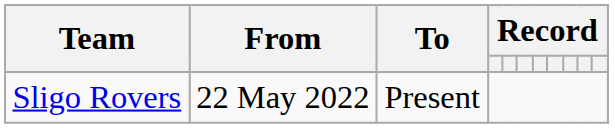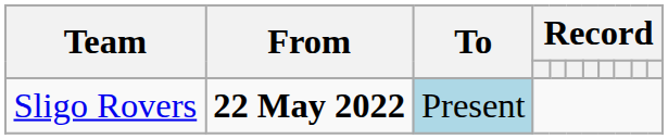 <table class="wikitable" style="text-align: center">
 <tr>
 <th rowspan="2">Team</th>
 <th rowspan="2">From</th>
 <th rowspan="2">To</th>
 <th colspan="8">Record</th>
 </tr>
 <tr>
 <th></th>
 <th></th>
 <th></th>
 <th></th>
 <th></th>
 <th></th>
 <th></th>
 <th></th>
 </tr>
 <tr>
 <td><a href='#'>Sligo Rovers</a></td>
-<td>22 May 2022</td>
-<td>Present<br></td>
+<td><strong>22 May 2022</strong></td>
+<td style="background: lightblue;">Present<br></td>
 </tr>
 </table>
